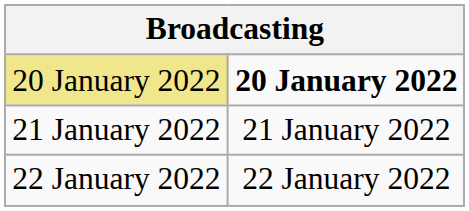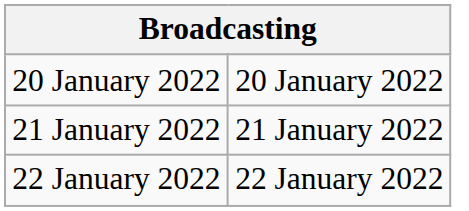 <table class=wikitable style="text-align:center;">
 <tr>
 <th colspan=2>Broadcasting</th>
 </tr>
 <tr>
-<td style="background: khaki;">20 January 2022 </td>
-<td><strong>20 January 2022 </strong></td>
+<td>20 January 2022 </td>
+<td>20 January 2022 </td>
 </tr>
 <tr>
 <td>21 January 2022 </td>
 <td>21 January 2022 </td>
 </tr>
 <tr>
 <td>22 January 2022 </td>
 <td>22 January 2022 </td>
 </tr>
 </table>
